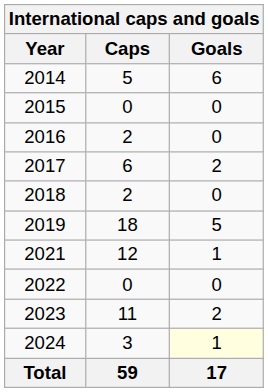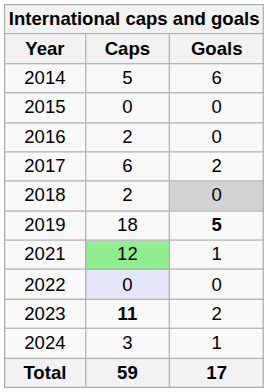 <table class="wikitable sortable" style="text-align:center">
 <tr>
 <th colspan="3">International caps and goals</th>
 </tr>
 <tr>
 <th>Year</th>
 <th>Caps</th>
 <th>Goals</th>
 </tr>
 <tr>
 <td>2014</td>
 <td>5</td>
 <td>6</td>
 </tr>
 <tr>
 <td>2015</td>
 <td>0</td>
 <td>0</td>
 </tr>
 <tr>
 <td>2016</td>
 <td>2</td>
 <td>0</td>
 </tr>
 <tr>
 <td>2017</td>
 <td>6</td>
 <td>2</td>
 </tr>
 <tr>
 <td>2018</td>
 <td>2</td>
-<td>0</td>
+<td style="background: lightgrey;">0</td>
 </tr>
 <tr>
 <td>2019</td>
 <td>18</td>
-<td>5</td>
+<td><strong>5</strong></td>
 </tr>
 <tr>
 <td>2021</td>
-<td>12</td>
+<td style="background: lightgreen;">12</td>
 <td>1</td>
 </tr>
 <tr>
 <td>2022</td>
-<td>0</td>
+<td style="background: lavender;">0</td>
 <td>0</td>
 </tr>
 <tr>
 <td>2023</td>
-<td>11</td>
+<td><strong>11</strong></td>
 <td>2</td>
 </tr>
 <tr>
 <td>2024</td>
 <td>3</td>
-<td style="background: lightyellow;">1</td>
+<td>1</td>
 </tr>
 <tr>
 <th>Total</th>
 <th>59</th>
 <th>17</th>
 </tr>
 </table>
